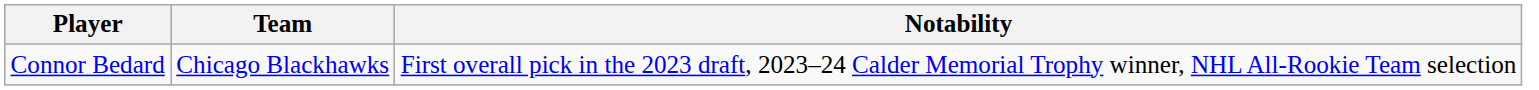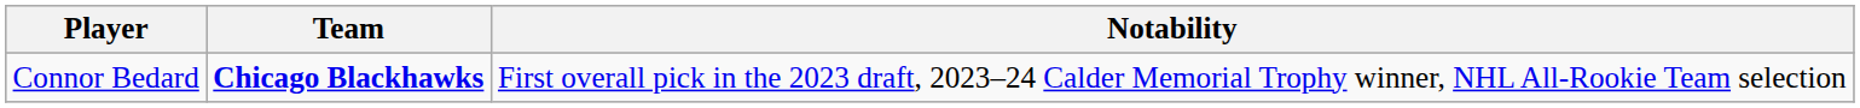 <table class="wikitable">
 <tr>
 <th>Player</th>
 <th>Team</th>
 <th>Notability</th>
 </tr>
 <tr>
 <td><a href='#'>Connor Bedard</a></td>
-<td><a href='#'>Chicago Blackhawks</a></td>
+<td><strong><a href='#'>Chicago Blackhawks</a></strong></td>
 <td><a href='#'>First overall pick in the 2023 draft</a>, 2023–24 <a href='#'>Calder Memorial Trophy</a> winner, <a href='#'>NHL All-Rookie Team</a> selection</td>
 </tr>
 </table>
